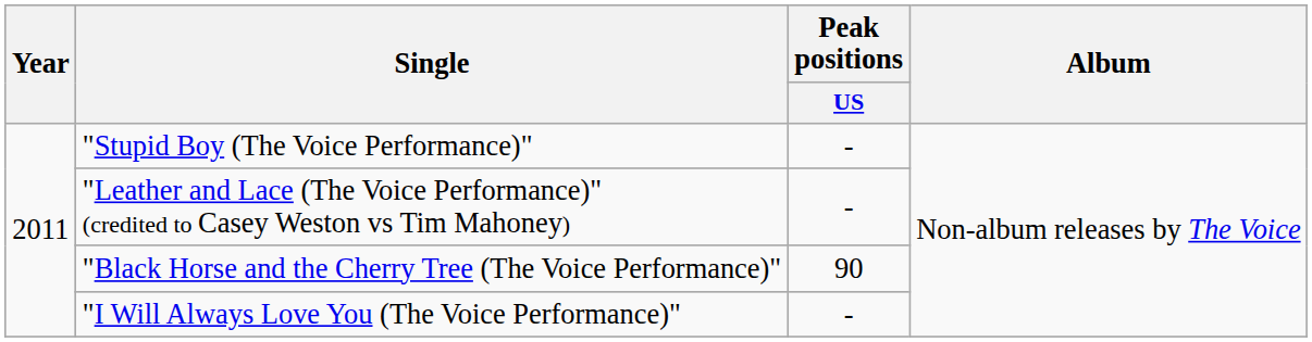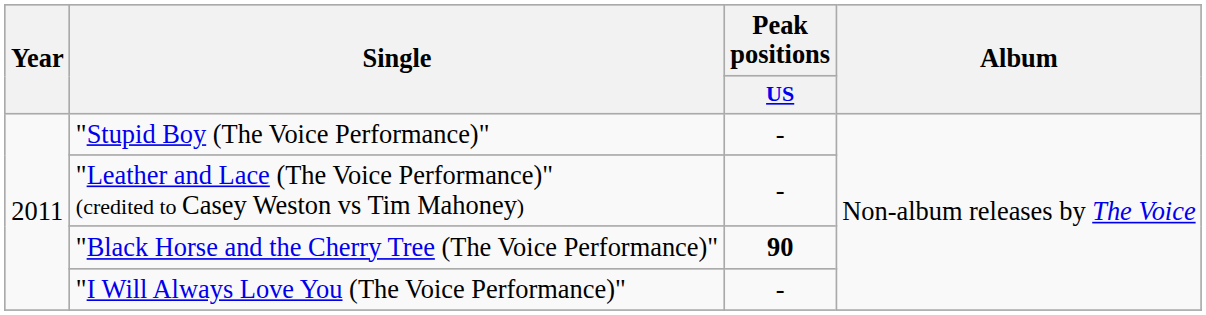 <table class="wikitable" style="text-align:center;">
 <tr>
 <th rowspan="2">Year</th>
 <th rowspan="2">Single</th>
 <th>Peak positions</th>
 <th rowspan="2">Album</th>
 </tr>
 <tr style="font-size:smaller;">
 <th style="width:50px;"><a href='#'>US</a></th>
 </tr>
 <tr>
 <td rowspan="4">2011</td>
 <td style="text-align:left;">"<a href='#'>Stupid Boy</a> (The Voice Performance)"</td>
 <td>-</td>
 <td rowspan="4">Non-album releases by <em><a href='#'>The Voice</a></em></td>
 </tr>
 <tr>
 <td style="text-align:left;">"<a href='#'>Leather and Lace</a> (The Voice Performance)" <br> <small>(credited to </small>Casey Weston vs Tim Mahoney<small>)</small></td>
 <td>-</td>
 </tr>
 <tr>
 <td style="text-align:left;">"<a href='#'>Black Horse and the Cherry Tree</a> (The Voice Performance)"</td>
-<td>90 </td>
+<td><strong>90 </strong></td>
 </tr>
 <tr>
 <td style="text-align:left;">"<a href='#'>I Will Always Love You</a> (The Voice Performance)"</td>
 <td>-</td>
 </tr>
 </table>
